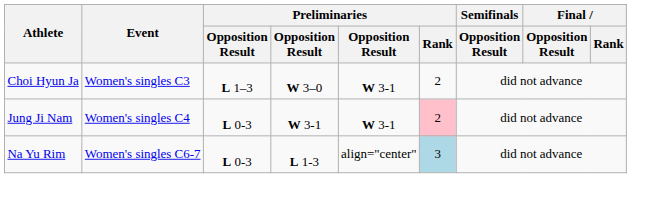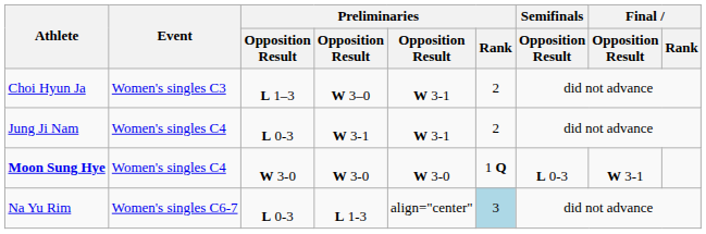 <table class=wikitable style="font-size:90%">
 <tr>
 <th rowspan="2">Athlete</th>
 <th rowspan="2">Event</th>
 <th colspan="4">Preliminaries</th>
 <th>Semifinals</th>
 <th colspan="2">Final / </th>
 </tr>
 <tr>
 <th>Opposition<br>Result</th>
 <th>Opposition<br>Result</th>
 <th>Opposition<br>Result</th>
 <th>Rank</th>
 <th>Opposition<br>Result</th>
 <th>Opposition<br>Result</th>
 <th>Rank</th>
 </tr>
 <tr>
 <td><a href='#'>Choi Hyun Ja</a></td>
 <td><a href='#'>Women's singles C3</a></td>
 <td align="center"><br><strong>L</strong> 1–3</td>
 <td align="center"><br><strong>W</strong> 3–0</td>
 <td align="center"><br><strong>W</strong> 3-1</td>
 <td align="center">2</td>
 <td align="center" colspan="3">did not advance</td>
 </tr>
 <tr>
 <td><a href='#'>Jung Ji Nam</a></td>
 <td><a href='#'>Women's singles C4</a></td>
 <td align="center"><br><strong>L</strong> 0-3</td>
 <td align="center"><br><strong>W</strong> 3-1</td>
 <td align="center"><br><strong>W</strong> 3-1</td>
-<td align="center" style="background: pink;">2</td>
+<td align="center">2</td>
 <td align="center" colspan="3">did not advance</td>
+</tr>
+<tr>
+<td><strong><a href='#'>Moon Sung Hye</a></strong></td>
+<td><a href='#'>Women's singles C4</a></td>
+<td align="center"><br><strong>W</strong> 3-0</td>
+<td align="center"><br><strong>W</strong> 3-0</td>
+<td align="center"><br><strong>W</strong> 3-0</td>
+<td align="center">1 <strong>Q</strong></td>
+<td align="center"><br><strong>L</strong> 0-3</td>
+<td align="center"><br><strong>W</strong> 3-1</td>
+<td align="center"></td>
 </tr>
 <tr>
 <td><a href='#'>Na Yu Rim</a></td>
 <td><a href='#'>Women's singles C6-7</a></td>
 <td align="center"><br><strong>L</strong> 0-3</td>
 <td align="center"><br><strong>L</strong> 1-3</td>
 <td>align="center" </td>
 <td align="center" style="background: lightblue;">3</td>
 <td align="center" colspan="3">did not advance</td>
 </tr>
 </table>
